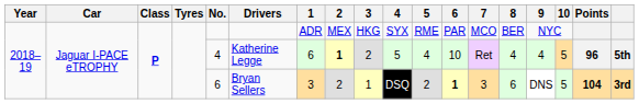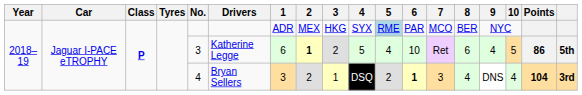 <table class="wikitable" style="font-size: 95%; text-align:center;">
 <tr valign="top">
 <th valign=middle>Year</th>
 <th valign=middle>Car</th>
 <th valign=middle>Class</th>
 <th valign=middle>Tyres</th>
 <th valign=middle>No.</th>
 <th valign=middle>Drivers</th>
 <th>1</th>
 <th>2</th>
 <th>3</th>
 <th>4</th>
 <th>5</th>
 <th>6</th>
 <th>7</th>
 <th>8</th>
 <th>9</th>
 <th>10</th>
 <th valign="middle">Points</th>
 <th></th>
 </tr>
 <tr>
 <td rowspan=4><a href='#'>2018–19</a></td>
 <td rowspan=4><a href='#'>Jaguar I-PACE eTROPHY</a></td>
 <td rowspan=4><a href='#'><strong><span>P</span></strong></a></td>
 <td rowspan=4></td>
 <td></td>
 <td></td>
 <td><a href='#'>ADR</a></td>
 <td><a href='#'>MEX</a></td>
 <td><a href='#'>HKG</a></td>
 <td><a href='#'>SYX</a></td>
-<td><a href='#'>RME</a></td>
+<td style="background: lightblue;"><a href='#'>RME</a></td>
 <td><a href='#'>PAR</a></td>
 <td><a href='#'>MCO</a></td>
 <td><a href='#'>BER</a></td>
 <td colspan=2><a href='#'>NYC</a></td>
 <th scope="row"></th>
 <th scope="row"></th>
 </tr>
 <tr>
-<td>4</td>
+<td>3</td>
 <td align="left"> <a href='#'>Katherine Legge</a></td>
 <td style="background:#DFFFDF;">6</td>
 <td style="background:#ffffbf;"><strong>1</strong></td>
 <td style="background:#dfdfdf;">2</td>
 <td style="background:#dfffdf;">5</td>
 <td style="background:#dfffdf;">4</td>
 <td style="background:#dfffdf;">10</td>
 <td style="background:#efcfff;">Ret</td>
-<td style="background:#dfffdf;">4</td>
+<td style="background:#dfffdf;">6</td>
 <td style="background:#dfffdf;">4</td>
 <td style="background:#ffdf9f;">5</td>
-<th scope="row"><strong>96</strong></th>
+<th scope="row"><strong>86</strong></th>
 <th scope="row"><strong>5th</strong></th>
 </tr>
 <tr>
-<td>6</td>
+<td>4</td>
 <td align="left"> <a href='#'>Bryan Sellers</a></td>
 <td style="background:#ffdf9f;">3</td>
 <td style="background:#dfdfdf;">2</td>
 <td style="background:#ffffbf;">1</td>
 <td style="background:#000000; color:white;">DSQ</td>
 <td style="background:#dfdfdf;">2</td>
 <td style="background:#ffffbf;"><strong>1</strong></td>
 <td style="background:#ffdf9f;">3</td>
-<td style="background:#dfffdf;">6</td>
+<td style="background:#dfffdf;">4</td>
 <td style="background:#ffffff;">DNS</td>
-<td style="background:#dfffdf;">5</td>
+<td style="background:#dfffdf;">4</td>
 <th scope="row" ; style="background:#ffdf9f"><strong>104</strong></th>
 <th scope="row" ; style="background:#ffdf9f"><strong>3rd</strong></th>
 </tr>
 </table>
